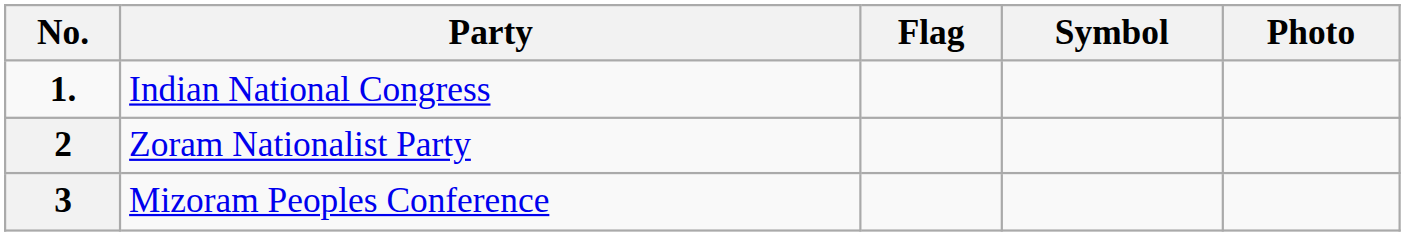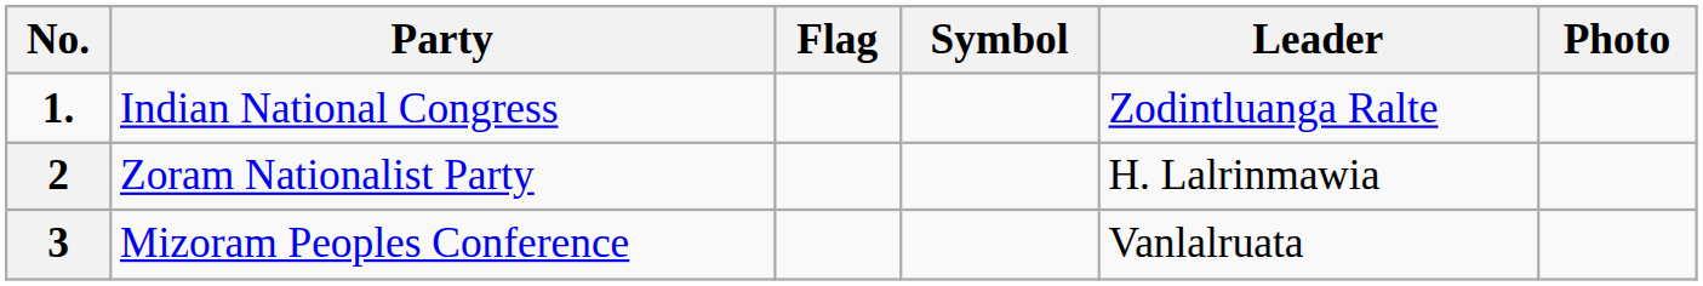 <table class="wikitable" width="50%">
 <tr>
 <th>No.</th>
 <th>Party</th>
 <th>Flag</th>
 <th>Symbol</th>
+<th>Leader</th>
 <th>Photo</th>
 </tr>
 <tr>
 <td style="text-align:center; background:"><strong>1.</strong></td>
 <td><a href='#'>Indian National Congress</a></td>
 <td></td>
 <td></td>
+<td><a href='#'>Zodintluanga Ralte</a></td>
 <td></td>
 </tr>
 <tr>
 <th style="text-align:center; background:"><strong>2</strong></th>
 <td><a href='#'>Zoram Nationalist Party</a></td>
 <td></td>
 <td></td>
+<td>H. Lalrinmawia</td>
 <td></td>
 </tr>
 <tr>
 <th style="text-align:center; background:"><strong>3</strong></th>
 <td><a href='#'>Mizoram Peoples Conference</a></td>
 <td></td>
 <td></td>
+<td>Vanlalruata</td>
 <td></td>
 </tr>
 </table>
